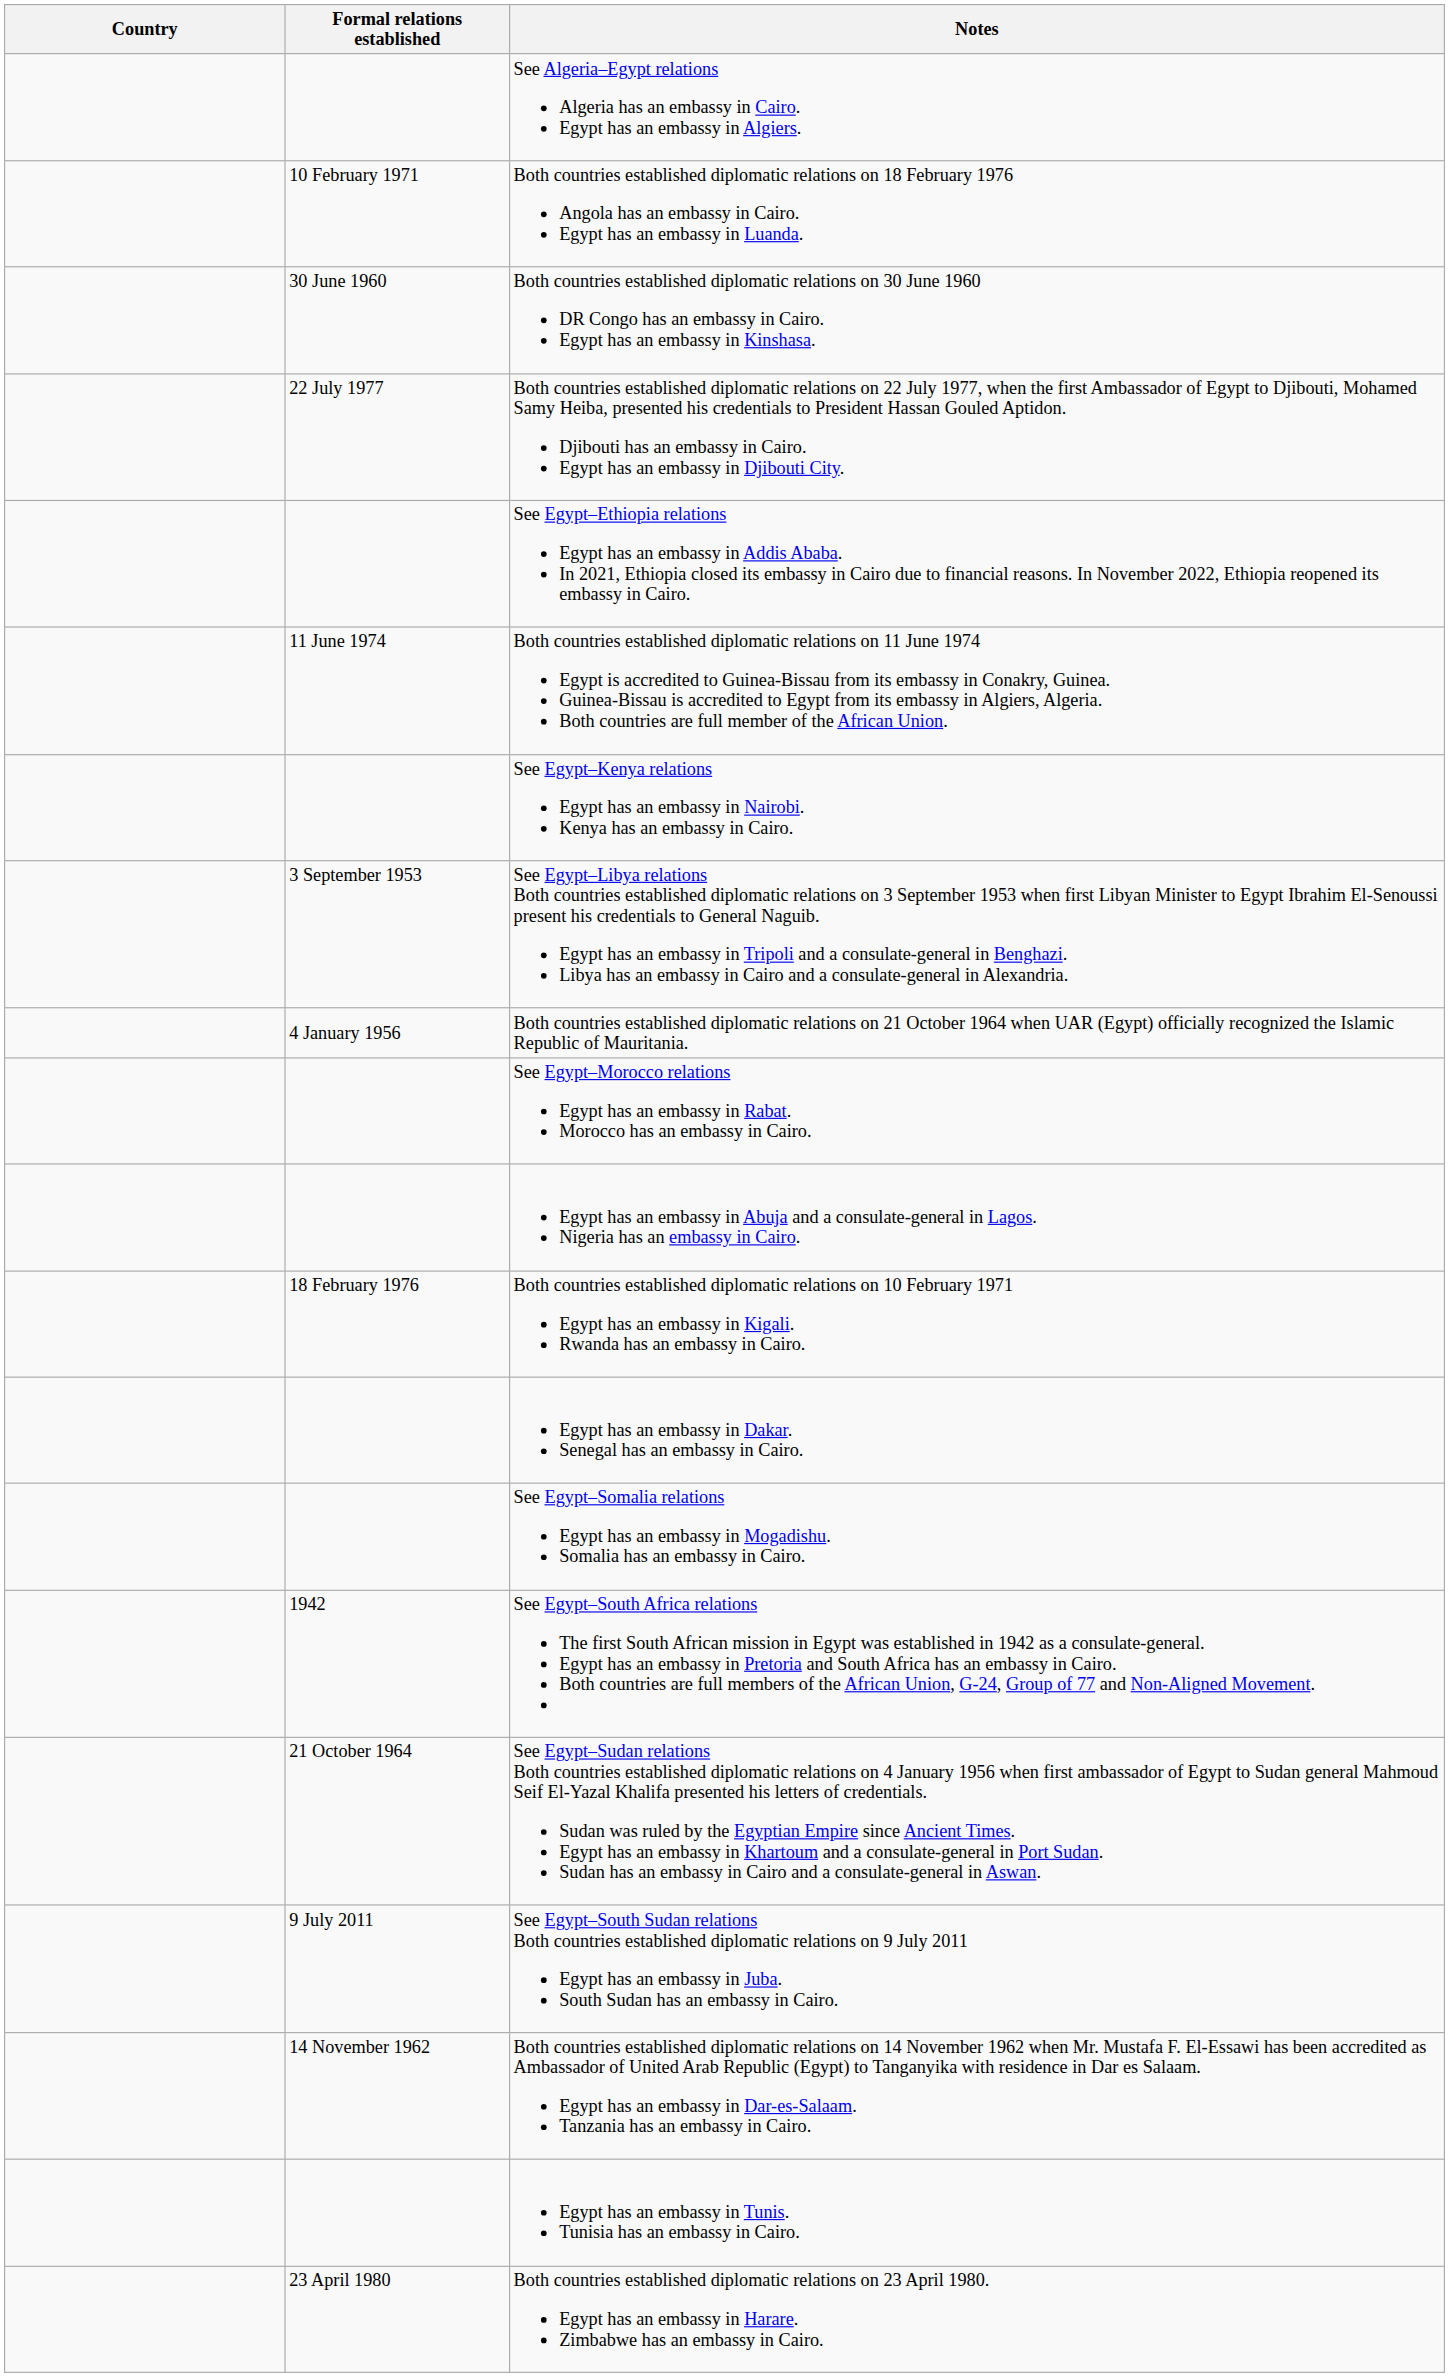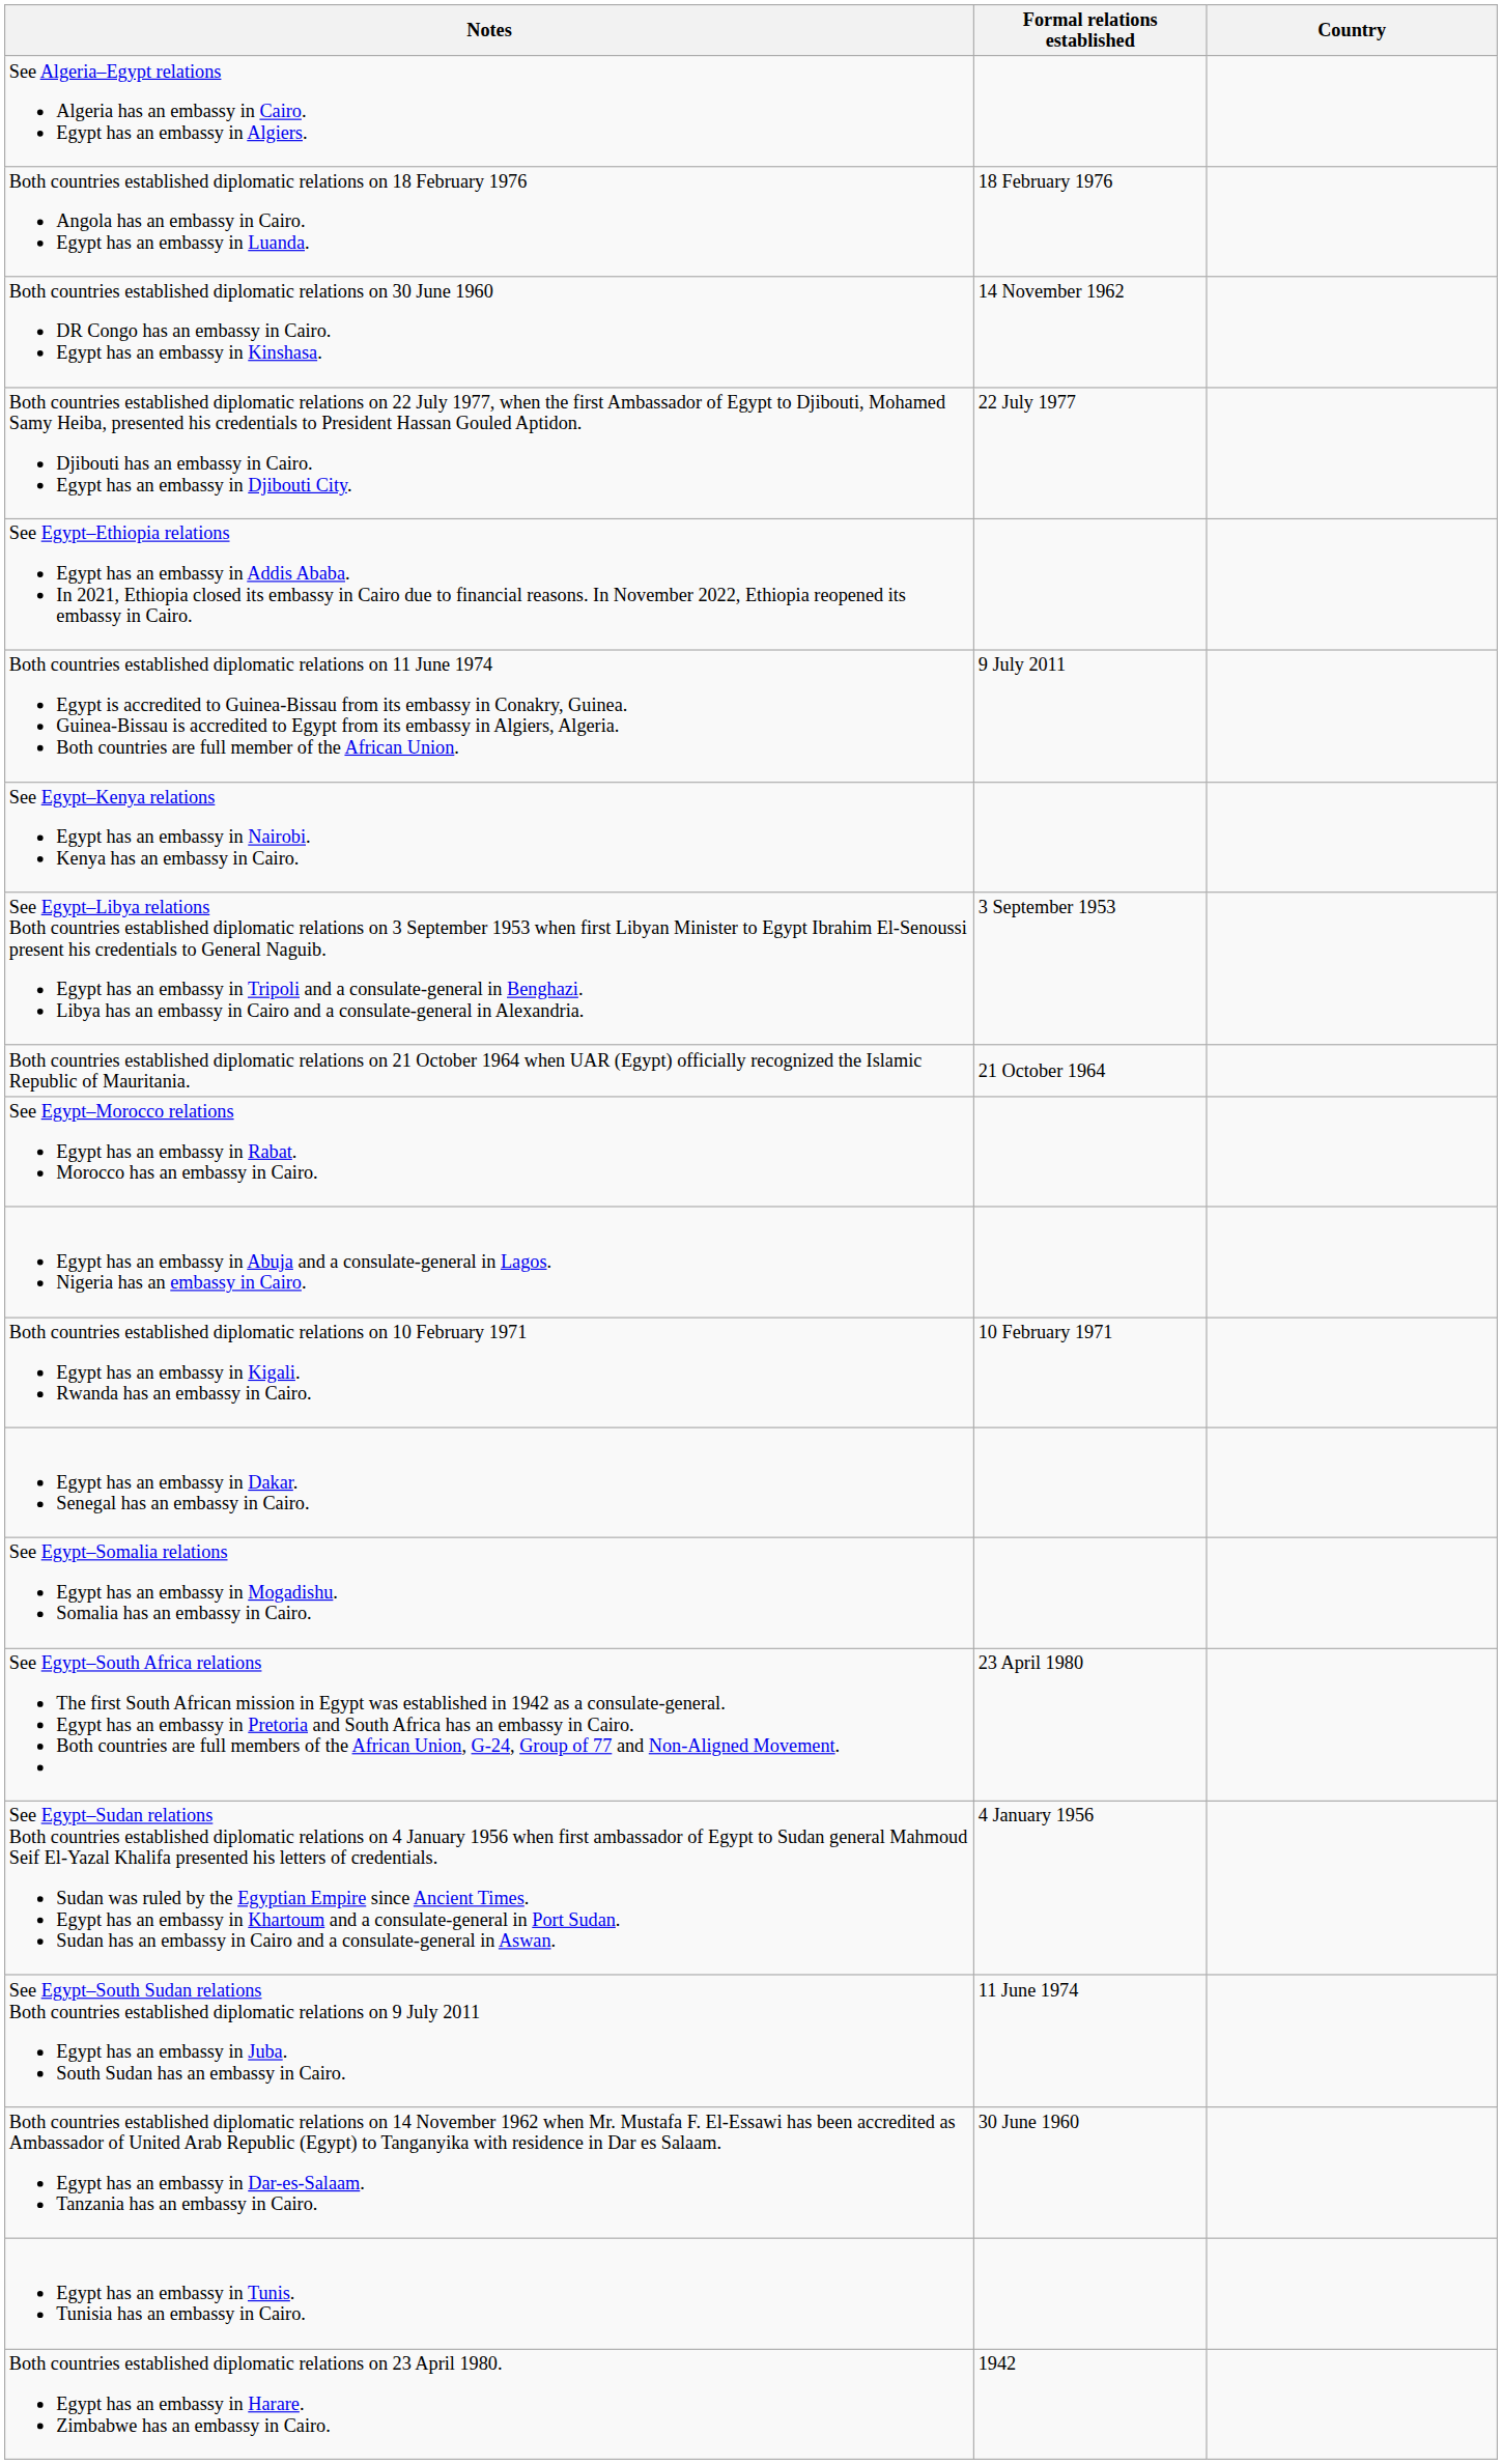 <table class="wikitable sortable" style="width:100%; margin:auto;">
 <tr>
+<th style="width:50%;">Notes</th>
+<th style="width:12%;">Formal relations established</th>
 <th style="width:15%;">Country</th>
-<th style="width:12%;">Formal relations established</th>
-<th style="width:50%;">Notes</th>
 </tr>
 <tr valign="top">
+<td>See <a href='#'>Algeria–Egypt relations</a><br><ul><li>Algeria has an embassy in <a href='#'>Cairo</a>.</li><li>Egypt has an embassy in <a href='#'>Algiers</a>.</li></ul></td>
 <td></td>
 <td></td>
-<td>See <a href='#'>Algeria–Egypt relations</a><br><ul><li>Algeria has an embassy in <a href='#'>Cairo</a>.</li><li>Egypt has an embassy in <a href='#'>Algiers</a>.</li></ul></td>
 </tr>
 <tr valign="top">
+<td>Both countries established diplomatic relations on 18 February 1976<br><ul><li>Angola has an embassy in Cairo.</li><li>Egypt has an embassy in <a href='#'>Luanda</a>.</li></ul></td>
+<td>18 February 1976</td>
 <td></td>
-<td>10 February 1971</td>
-<td>Both countries established diplomatic relations on 18 February 1976<br><ul><li>Angola has an embassy in Cairo.</li><li>Egypt has an embassy in <a href='#'>Luanda</a>.</li></ul></td>
 </tr>
 <tr valign="top">
+<td>Both countries established diplomatic relations on 30 June 1960<br><ul><li>DR Congo has an embassy in Cairo.</li><li>Egypt has an embassy in <a href='#'>Kinshasa</a>.</li></ul></td>
+<td>14 November 1962</td>
 <td></td>
-<td>30 June 1960</td>
-<td>Both countries established diplomatic relations on 30 June 1960<br><ul><li>DR Congo has an embassy in Cairo.</li><li>Egypt has an embassy in <a href='#'>Kinshasa</a>.</li></ul></td>
 </tr>
 <tr valign="top">
+<td>Both countries established diplomatic relations on 22 July 1977, when the first Ambassador of Egypt to Djibouti, Mohamed Samy Heiba, presented his credentials to President Hassan Gouled Aptidon.<br><ul><li>Djibouti has an embassy in Cairo.</li><li>Egypt has an embassy in <a href='#'>Djibouti City</a>.</li></ul></td>
+<td>22 July 1977</td>
 <td></td>
-<td>22 July 1977</td>
-<td>Both countries established diplomatic relations on 22 July 1977, when the first Ambassador of Egypt to Djibouti, Mohamed Samy Heiba, presented his credentials to President Hassan Gouled Aptidon.<br><ul><li>Djibouti has an embassy in Cairo.</li><li>Egypt has an embassy in <a href='#'>Djibouti City</a>.</li></ul></td>
 </tr>
 <tr valign="top">
+<td>See <a href='#'>Egypt–Ethiopia relations</a><br><ul><li>Egypt has an embassy in <a href='#'>Addis Ababa</a>.</li><li>In 2021, Ethiopia closed its embassy in Cairo due to financial reasons. In November 2022, Ethiopia reopened its embassy in Cairo.</li></ul></td>
 <td></td>
 <td></td>
-<td>See <a href='#'>Egypt–Ethiopia relations</a><br><ul><li>Egypt has an embassy in <a href='#'>Addis Ababa</a>.</li><li>In 2021, Ethiopia closed its embassy in Cairo due to financial reasons. In November 2022, Ethiopia reopened its embassy in Cairo.</li></ul></td>
 </tr>
 <tr valign="top">
+<td>Both countries established diplomatic relations on 11 June 1974<br><ul><li>Egypt is accredited to Guinea-Bissau from its embassy in Conakry, Guinea.</li><li>Guinea-Bissau is accredited to Egypt from its embassy in Algiers, Algeria.</li><li>Both countries are full member of the <a href='#'>African Union</a>.</li></ul></td>
+<td>9 July 2011</td>
 <td></td>
-<td>11 June 1974</td>
-<td>Both countries established diplomatic relations on 11 June 1974<br><ul><li>Egypt is accredited to Guinea-Bissau from its embassy in Conakry, Guinea.</li><li>Guinea-Bissau is accredited to Egypt from its embassy in Algiers, Algeria.</li><li>Both countries are full member of the <a href='#'>African Union</a>.</li></ul></td>
 </tr>
 <tr valign="top">
+<td>See <a href='#'>Egypt–Kenya relations</a><br><ul><li>Egypt has an embassy in <a href='#'>Nairobi</a>.</li><li>Kenya has an embassy in Cairo.</li></ul></td>
 <td></td>
 <td></td>
-<td>See <a href='#'>Egypt–Kenya relations</a><br><ul><li>Egypt has an embassy in <a href='#'>Nairobi</a>.</li><li>Kenya has an embassy in Cairo.</li></ul></td>
 </tr>
 <tr valign="top">
+<td>See <a href='#'>Egypt–Libya relations</a><br>Both countries established diplomatic relations on 3 September 1953 when first Libyan Minister to Egypt Ibrahim El-Senoussi present his credentials to General Naguib.<ul><li>Egypt has an embassy in <a href='#'>Tripoli</a> and a consulate-general in <a href='#'>Benghazi</a>.</li><li>Libya has an embassy in Cairo and a consulate-general in Alexandria.</li></ul></td>
+<td>3 September 1953</td>
 <td></td>
-<td>3 September 1953</td>
-<td>See <a href='#'>Egypt–Libya relations</a><br>Both countries established diplomatic relations on 3 September 1953 when first Libyan Minister to Egypt Ibrahim El-Senoussi present his credentials to General Naguib.<ul><li>Egypt has an embassy in <a href='#'>Tripoli</a> and a consulate-general in <a href='#'>Benghazi</a>.</li><li>Libya has an embassy in Cairo and a consulate-general in Alexandria.</li></ul></td>
 </tr>
 <tr>
+<td>Both countries established diplomatic relations on 21 October 1964 when UAR (Egypt) officially recognized the Islamic Republic of Mauritania.</td>
+<td>21 October 1964</td>
 <td></td>
-<td>4 January 1956</td>
-<td>Both countries established diplomatic relations on 21 October 1964 when UAR (Egypt) officially recognized the Islamic Republic of Mauritania.</td>
 </tr>
 <tr valign="top">
+<td>See <a href='#'>Egypt–Morocco relations</a><br><ul><li>Egypt has an embassy in <a href='#'>Rabat</a>.</li><li>Morocco has an embassy in Cairo.</li></ul></td>
 <td></td>
 <td></td>
-<td>See <a href='#'>Egypt–Morocco relations</a><br><ul><li>Egypt has an embassy in <a href='#'>Rabat</a>.</li><li>Morocco has an embassy in Cairo.</li></ul></td>
 </tr>
 <tr valign="top">
+<td><br><ul><li>Egypt has an embassy in <a href='#'>Abuja</a> and a consulate-general in <a href='#'>Lagos</a>.</li><li>Nigeria has an <a href='#'>embassy in Cairo</a>.</li></ul></td>
 <td></td>
 <td></td>
-<td><br><ul><li>Egypt has an embassy in <a href='#'>Abuja</a> and a consulate-general in <a href='#'>Lagos</a>.</li><li>Nigeria has an <a href='#'>embassy in Cairo</a>.</li></ul></td>
 </tr>
 <tr valign="top">
+<td>Both countries established diplomatic relations on 10 February 1971<br><ul><li>Egypt has an embassy in <a href='#'>Kigali</a>.</li><li>Rwanda has an embassy in Cairo.</li></ul></td>
+<td>10 February 1971</td>
 <td></td>
-<td>18 February 1976</td>
-<td>Both countries established diplomatic relations on 10 February 1971<br><ul><li>Egypt has an embassy in <a href='#'>Kigali</a>.</li><li>Rwanda has an embassy in Cairo.</li></ul></td>
 </tr>
 <tr valign="top">
+<td><br><ul><li>Egypt has an embassy in <a href='#'>Dakar</a>.</li><li>Senegal has an embassy in Cairo.</li></ul></td>
 <td></td>
 <td></td>
-<td><br><ul><li>Egypt has an embassy in <a href='#'>Dakar</a>.</li><li>Senegal has an embassy in Cairo.</li></ul></td>
 </tr>
 <tr valign="top">
+<td>See <a href='#'>Egypt–Somalia relations</a><br><ul><li>Egypt has an embassy in <a href='#'>Mogadishu</a>.</li><li>Somalia has an embassy in Cairo.</li></ul></td>
 <td></td>
 <td></td>
-<td>See <a href='#'>Egypt–Somalia relations</a><br><ul><li>Egypt has an embassy in <a href='#'>Mogadishu</a>.</li><li>Somalia has an embassy in Cairo.</li></ul></td>
 </tr>
 <tr valign="top">
+<td>See <a href='#'>Egypt–South Africa relations</a><br><ul><li>The first South African mission in Egypt was established in 1942 as a consulate-general.</li><li>Egypt has an embassy in <a href='#'>Pretoria</a> and South Africa has an embassy in Cairo.</li><li>Both countries are full members of the <a href='#'>African Union</a>, <a href='#'>G-24</a>, <a href='#'>Group of 77</a> and <a href='#'>Non-Aligned Movement</a>.</li><li></li></ul></td>
+<td>23 April 1980</td>
 <td></td>
-<td>1942</td>
-<td>See <a href='#'>Egypt–South Africa relations</a><br><ul><li>The first South African mission in Egypt was established in 1942 as a consulate-general.</li><li>Egypt has an embassy in <a href='#'>Pretoria</a> and South Africa has an embassy in Cairo.</li><li>Both countries are full members of the <a href='#'>African Union</a>, <a href='#'>G-24</a>, <a href='#'>Group of 77</a> and <a href='#'>Non-Aligned Movement</a>.</li><li></li></ul></td>
 </tr>
 <tr valign="top">
+<td>See <a href='#'>Egypt–Sudan relations</a><br>Both countries established diplomatic relations on 4 January 1956 when first ambassador of Egypt to Sudan general Mahmoud Seif El-Yazal Khalifa presented his letters of credentials.<ul><li>Sudan was ruled by the <a href='#'>Egyptian Empire</a> since <a href='#'>Ancient Times</a>.</li><li>Egypt has an embassy in <a href='#'>Khartoum</a> and a consulate-general in <a href='#'>Port Sudan</a>.</li><li>Sudan has an embassy in Cairo and a consulate-general in <a href='#'>Aswan</a>.</li></ul></td>
+<td>4 January 1956</td>
 <td></td>
-<td>21 October 1964</td>
-<td>See <a href='#'>Egypt–Sudan relations</a><br>Both countries established diplomatic relations on 4 January 1956 when first ambassador of Egypt to Sudan general Mahmoud Seif El-Yazal Khalifa presented his letters of credentials.<ul><li>Sudan was ruled by the <a href='#'>Egyptian Empire</a> since <a href='#'>Ancient Times</a>.</li><li>Egypt has an embassy in <a href='#'>Khartoum</a> and a consulate-general in <a href='#'>Port Sudan</a>.</li><li>Sudan has an embassy in Cairo and a consulate-general in <a href='#'>Aswan</a>.</li></ul></td>
 </tr>
 <tr valign="top">
+<td>See <a href='#'>Egypt–South Sudan relations</a><br>Both countries established diplomatic relations on 9 July 2011<ul><li>Egypt has an embassy in <a href='#'>Juba</a>.</li><li>South Sudan has an embassy in Cairo.</li></ul></td>
+<td>11 June 1974</td>
 <td></td>
-<td>9 July 2011</td>
-<td>See <a href='#'>Egypt–South Sudan relations</a><br>Both countries established diplomatic relations on 9 July 2011<ul><li>Egypt has an embassy in <a href='#'>Juba</a>.</li><li>South Sudan has an embassy in Cairo.</li></ul></td>
 </tr>
 <tr valign="top">
+<td>Both countries established diplomatic relations on 14 November 1962 when Mr. Mustafa F. El-Essawi has been accredited as Ambassador of United Arab Republic (Egypt) to Tanganyika with residence in Dar es Salaam.<br><ul><li>Egypt has an embassy in <a href='#'>Dar-es-Salaam</a>.</li><li>Tanzania has an embassy in Cairo.</li></ul></td>
+<td>30 June 1960</td>
 <td></td>
-<td>14 November 1962</td>
-<td>Both countries established diplomatic relations on 14 November 1962 when Mr. Mustafa F. El-Essawi has been accredited as Ambassador of United Arab Republic (Egypt) to Tanganyika with residence in Dar es Salaam.<br><ul><li>Egypt has an embassy in <a href='#'>Dar-es-Salaam</a>.</li><li>Tanzania has an embassy in Cairo.</li></ul></td>
 </tr>
 <tr valign="top">
+<td><br><ul><li>Egypt has an embassy in <a href='#'>Tunis</a>.</li><li>Tunisia has an embassy in Cairo.</li></ul></td>
 <td></td>
 <td></td>
-<td><br><ul><li>Egypt has an embassy in <a href='#'>Tunis</a>.</li><li>Tunisia has an embassy in Cairo.</li></ul></td>
 </tr>
 <tr valign="top">
+<td>Both countries established diplomatic relations on 23 April 1980.<br><ul><li>Egypt has an embassy in <a href='#'>Harare</a>.</li><li>Zimbabwe has an embassy in Cairo.</li></ul></td>
+<td>1942</td>
 <td></td>
-<td>23 April 1980</td>
-<td>Both countries established diplomatic relations on 23 April 1980.<br><ul><li>Egypt has an embassy in <a href='#'>Harare</a>.</li><li>Zimbabwe has an embassy in Cairo.</li></ul></td>
 </tr>
 </table>
